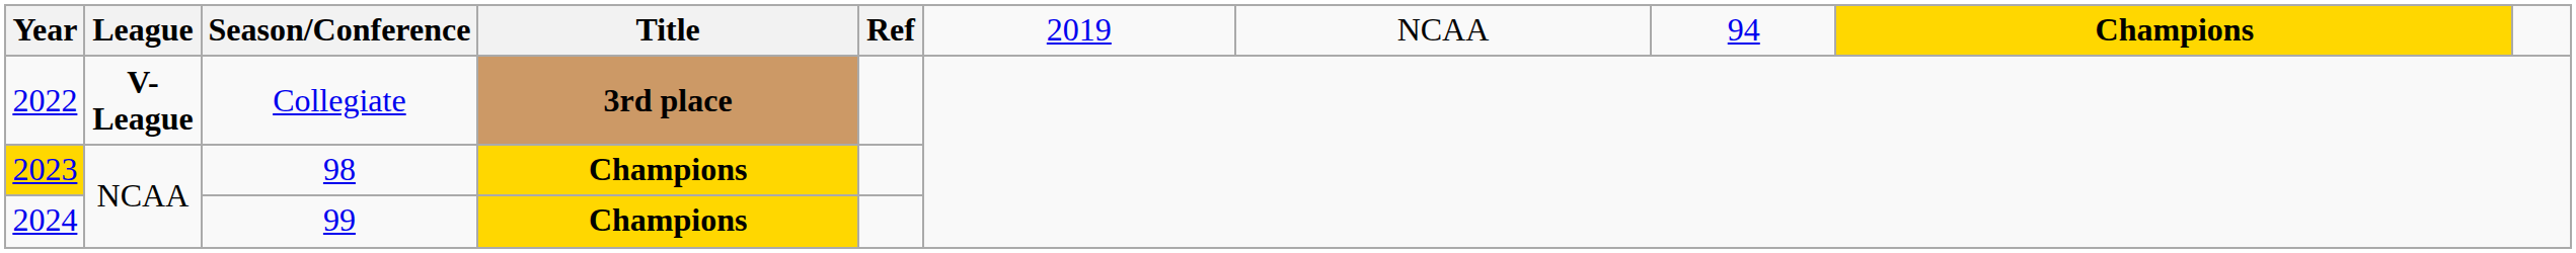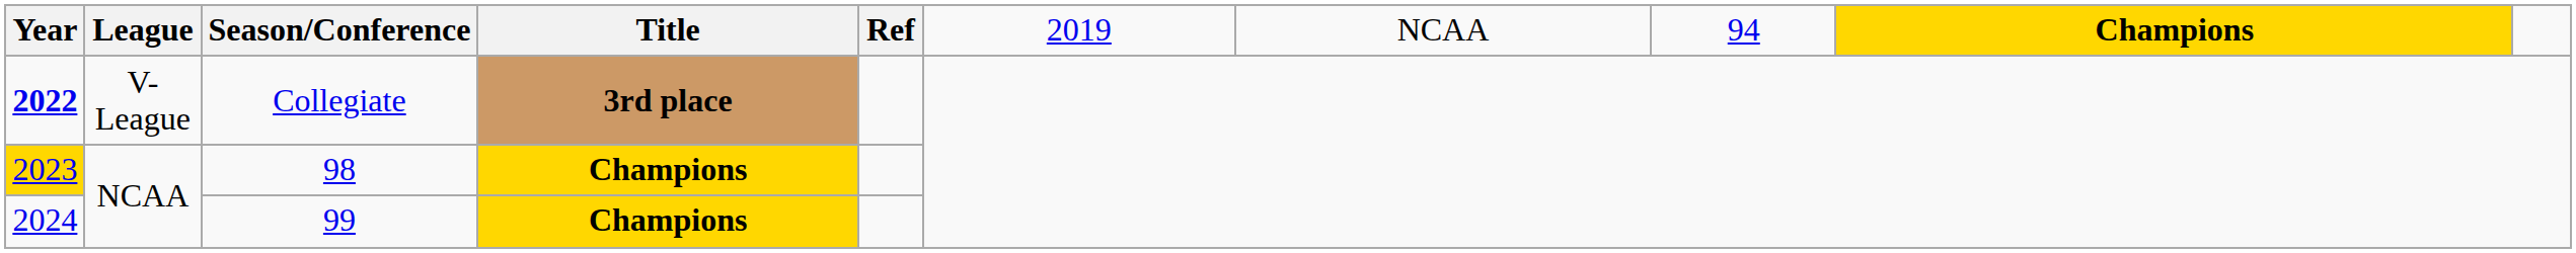 <table class="wikitable sortable" style="text-align:center" width="80%">
 <tr>
 <th style="width:5px;" rowspan="2">Year</th>
 <th style="width:25px;" rowspan="2">League</th>
 <th style="width:100px;" rowspan="2">Season/Conference</th>
 <th style="width:180px;" rowspan="2">Title</th>
 <th style="width:25px;" rowspan="2">Ref</th>
 </tr>
 <tr align=center>
 <td><a href='#'>2019</a></td>
 <td>NCAA</td>
 <td><a href='#'>94</a></td>
 <td style="background: gold;"><strong>Champions</strong></td>
 <td></td>
 </tr>
 <tr align=center>
-<td><a href='#'>2022</a></td>
-<td><strong>V-League</strong></td>
+<td><strong><a href='#'>2022</a></strong></td>
+<td>V-League</td>
 <td><a href='#'>Collegiate</a></td>
 <td style="background: #c96;"><strong>3rd place</strong></td>
 <td></td>
 </tr>
 <tr align=center>
 <td style="background: gold;"><a href='#'>2023</a></td>
 <td rowspan=2>NCAA</td>
 <td><a href='#'>98</a></td>
 <td style="background: gold;"><strong>Champions</strong></td>
 <td></td>
 </tr>
 <tr align=center>
 <td><a href='#'>2024</a></td>
 <td><a href='#'>99</a></td>
 <td style="background: gold;"><strong>Champions</strong></td>
 <td></td>
 </tr>
 </table>
